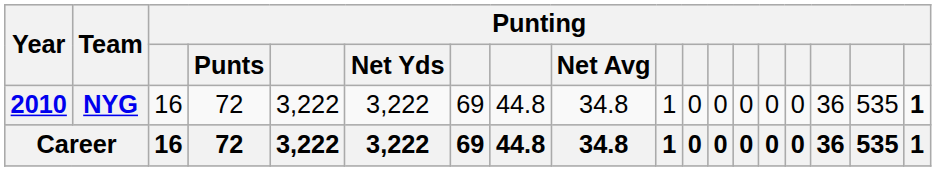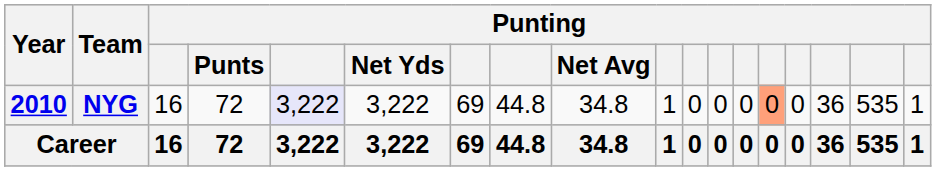 <table class=wikitable style="text-align:center;">
 <tr>
 <th rowspan="2">Year</th>
 <th rowspan="2">Team</th>
 <th colspan="16">Punting</th>
 </tr>
 <tr>
 <th></th>
 <th>Punts</th>
 <th></th>
 <th>Net Yds</th>
 <th></th>
 <th></th>
 <th>Net Avg</th>
 <th></th>
 <th></th>
 <th></th>
 <th></th>
 <th></th>
 <th></th>
 <th></th>
 <th></th>
 <th></th>
 </tr>
 <tr>
 <th><a href='#'>2010</a></th>
 <th><a href='#'>NYG</a></th>
 <td>16</td>
 <td>72</td>
-<td>3,222</td>
+<td style="background: lavender;">3,222</td>
 <td>3,222</td>
 <td>69</td>
 <td>44.8</td>
 <td>34.8</td>
 <td>1</td>
 <td>0</td>
 <td>0</td>
 <td>0</td>
-<td>0</td>
+<td style="background: lightsalmon;">0</td>
 <td>0</td>
 <td>36</td>
 <td>535</td>
-<td><strong>1</strong></td>
+<td>1</td>
 </tr>
 <tr>
 <th colspan="2">Career</th>
 <th>16</th>
 <th>72</th>
 <th>3,222</th>
 <th>3,222</th>
 <th>69</th>
 <th>44.8</th>
 <th>34.8</th>
 <th>1</th>
 <th>0</th>
 <th>0</th>
 <th>0</th>
 <th>0</th>
 <th>0</th>
 <th>36</th>
 <th>535</th>
 <th>1</th>
 </tr>
 </table>
